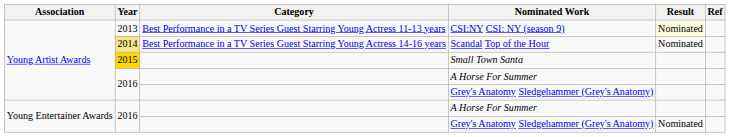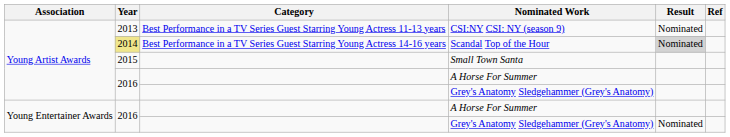 <table class="wikitable">
 <tr>
 <th>Association</th>
 <th>Year</th>
 <th>Category</th>
 <th>Nominated Work</th>
 <th>Result</th>
 <th>Ref</th>
 </tr>
 <tr>
 <td rowspan=5><a href='#'>Young Artist Awards</a></td>
 <td>2013</td>
 <td><a href='#'>Best Performance in a TV Series Guest Starring Young Actress 11-13 years</a></td>
 <td><a href='#'>CSI:NY</a> <a href='#'>CSI: NY (season 9)</a></td>
-<td style="background: lightyellow;">Nominated</td>
+<td>Nominated</td>
 <td></td>
 </tr>
 <tr>
 <td style="background: khaki;">2014</td>
 <td><a href='#'>Best Performance in a TV Series Guest Starring Young Actress 14-16 years</a></td>
 <td><a href='#'>Scandal</a> <a href='#'>Top of the Hour</a></td>
-<td>Nominated</td>
+<td style="background: lightgrey;">Nominated</td>
 <td></td>
 </tr>
 <tr>
-<td style="background: gold;">2015</td>
+<td>2015</td>
 <td></td>
 <td><em>Small Town Santa</em></td>
 <td></td>
 <td></td>
 </tr>
 <tr>
 <td rowspan=2>2016</td>
 <td></td>
 <td><em>A Horse For Summer</em></td>
 <td></td>
 <td></td>
 </tr>
 <tr>
 <td></td>
 <td><a href='#'>Grey's Anatomy</a> <a href='#'>Sledgehammer (Grey's Anatomy)</a></td>
 <td></td>
 <td></td>
 </tr>
 <tr>
 <td rowspan=2>Young Entertainer Awards</td>
 <td rowspan=2>2016</td>
 <td></td>
 <td><em>A Horse For Summer</em></td>
 <td></td>
 <td></td>
 </tr>
 <tr>
 <td rowspan=2></td>
 <td><a href='#'>Grey's Anatomy</a> <a href='#'>Sledgehammer (Grey's Anatomy)</a></td>
 <td>Nominated</td>
 <td></td>
 </tr>
 </table>
